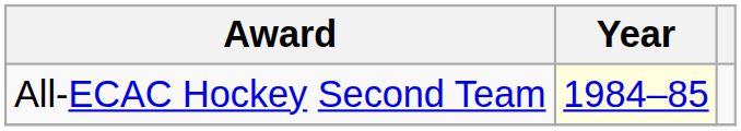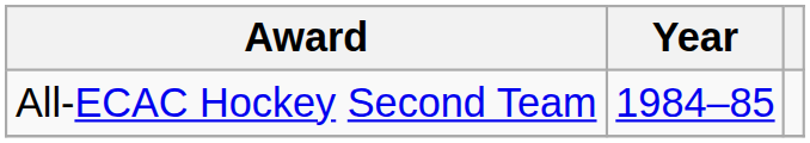 <table class="wikitable">
 <tr>
 <th>Award</th>
 <th>Year</th>
 <th></th>
 </tr>
 <tr>
 <td>All-<a href='#'>ECAC Hockey</a> <a href='#'>Second Team</a></td>
-<td style="background: lightyellow;"><a href='#'>1984–85</a></td>
+<td><a href='#'>1984–85</a></td>
 <td></td>
 </tr>
 <tr>
 </tr>
 </table>
